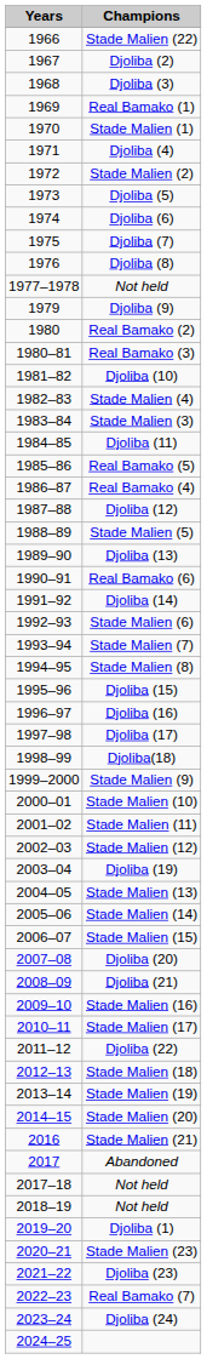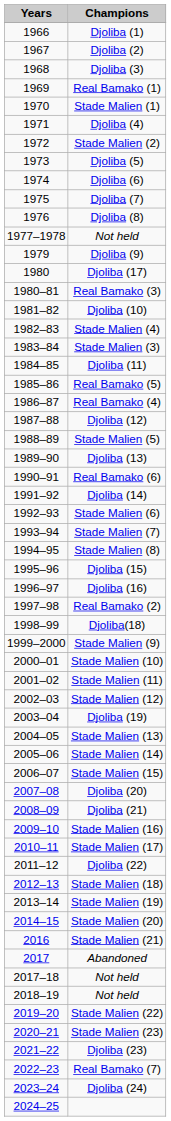 <table class="wikitable" style="text-align: center;">
 <tr bgcolor="#CCCCCC">
 <td><strong>Years</strong></td>
 <td><strong>Champions</strong></td>
 </tr>
 <tr bgcolor="#EFEFEF">
 </tr>
 <tr>
 <td>1966</td>
-<td><a href='#'>Stade Malien</a> (22)</td>
+<td><a href='#'>Djoliba</a> (1)</td>
 </tr>
 <tr>
 <td>1967</td>
 <td><a href='#'>Djoliba</a> (2)</td>
 </tr>
 <tr>
 <td>1968</td>
 <td><a href='#'>Djoliba</a> (3)</td>
 </tr>
 <tr>
 <td>1969</td>
 <td><a href='#'>Real Bamako</a> (1)</td>
 </tr>
 <tr>
 <td>1970</td>
 <td><a href='#'>Stade Malien</a> (1)</td>
 </tr>
 <tr>
 <td>1971</td>
 <td><a href='#'>Djoliba</a> (4)</td>
 </tr>
 <tr>
 <td>1972</td>
 <td><a href='#'>Stade Malien</a> (2)</td>
 </tr>
 <tr>
 <td>1973</td>
 <td><a href='#'>Djoliba</a> (5)</td>
 </tr>
 <tr>
 <td>1974</td>
 <td><a href='#'>Djoliba</a> (6)</td>
 </tr>
 <tr>
 <td>1975</td>
 <td><a href='#'>Djoliba</a> (7)</td>
 </tr>
 <tr>
 <td>1976</td>
 <td><a href='#'>Djoliba</a> (8)</td>
 </tr>
 <tr>
 <td>1977–1978</td>
 <td><em>Not held</em></td>
 </tr>
 <tr>
 <td>1979</td>
 <td><a href='#'>Djoliba</a> (9)</td>
 </tr>
 <tr>
 <td>1980</td>
-<td><a href='#'>Real Bamako</a> (2)</td>
+<td><a href='#'>Djoliba</a> (17)</td>
 </tr>
 <tr>
 <td>1980–81</td>
 <td><a href='#'>Real Bamako</a> (3)</td>
 </tr>
 <tr>
 <td>1981–82</td>
 <td><a href='#'>Djoliba</a> (10)</td>
 </tr>
 <tr>
 <td>1982–83</td>
 <td><a href='#'>Stade Malien</a> (4)</td>
 </tr>
 <tr>
 <td>1983–84</td>
 <td><a href='#'>Stade Malien</a> (3)</td>
 </tr>
 <tr>
 <td>1984–85</td>
 <td><a href='#'>Djoliba</a> (11)</td>
 </tr>
 <tr>
 <td>1985–86</td>
 <td><a href='#'>Real Bamako</a> (5)</td>
 </tr>
 <tr>
 <td>1986–87</td>
 <td><a href='#'>Real Bamako</a> (4)</td>
 </tr>
 <tr>
 <td>1987–88</td>
 <td><a href='#'>Djoliba</a> (12)</td>
 </tr>
 <tr>
 <td>1988–89</td>
 <td><a href='#'>Stade Malien</a> (5)</td>
 </tr>
 <tr>
 <td>1989–90</td>
 <td><a href='#'>Djoliba</a> (13)</td>
 </tr>
 <tr>
 <td>1990–91</td>
 <td><a href='#'>Real Bamako</a> (6)</td>
 </tr>
 <tr>
 <td>1991–92</td>
 <td><a href='#'>Djoliba</a> (14)</td>
 </tr>
 <tr>
 <td>1992–93</td>
 <td><a href='#'>Stade Malien</a> (6)</td>
 </tr>
 <tr>
 <td>1993–94</td>
 <td><a href='#'>Stade Malien</a> (7)</td>
 </tr>
 <tr>
 <td>1994–95</td>
 <td><a href='#'>Stade Malien</a> (8)</td>
 </tr>
 <tr>
 <td>1995–96</td>
 <td><a href='#'>Djoliba</a> (15)</td>
 </tr>
 <tr>
 <td>1996–97</td>
 <td><a href='#'>Djoliba</a> (16)</td>
 </tr>
 <tr>
 <td>1997–98</td>
-<td><a href='#'>Djoliba</a> (17)</td>
+<td><a href='#'>Real Bamako</a> (2)</td>
 </tr>
 <tr>
 <td>1998–99</td>
 <td><a href='#'>Djoliba</a>(18)</td>
 </tr>
 <tr>
 <td>1999–2000</td>
 <td><a href='#'>Stade Malien</a> (9)</td>
 </tr>
 <tr>
 <td>2000–01</td>
 <td><a href='#'>Stade Malien</a> (10)</td>
 </tr>
 <tr>
 <td>2001–02</td>
 <td><a href='#'>Stade Malien</a> (11)</td>
 </tr>
 <tr>
 <td>2002–03</td>
 <td><a href='#'>Stade Malien</a> (12)</td>
 </tr>
 <tr>
 <td>2003–04</td>
 <td><a href='#'>Djoliba</a> (19)</td>
 </tr>
 <tr>
 <td>2004–05</td>
 <td><a href='#'>Stade Malien</a> (13)</td>
 </tr>
 <tr>
 <td>2005–06</td>
 <td><a href='#'>Stade Malien</a> (14)</td>
 </tr>
 <tr>
 <td>2006–07</td>
 <td><a href='#'>Stade Malien</a> (15)</td>
 </tr>
 <tr>
 <td><a href='#'>2007–08</a></td>
 <td><a href='#'>Djoliba</a> (20)</td>
 </tr>
 <tr>
 <td><a href='#'>2008–09</a></td>
 <td><a href='#'>Djoliba</a> (21)</td>
 </tr>
 <tr>
 <td><a href='#'>2009–10</a></td>
 <td><a href='#'>Stade Malien</a> (16)</td>
 </tr>
 <tr>
 <td><a href='#'>2010–11</a></td>
 <td><a href='#'>Stade Malien</a> (17)</td>
 </tr>
 <tr>
 <td>2011–12</td>
 <td><a href='#'>Djoliba</a> (22)</td>
 </tr>
 <tr>
 <td><a href='#'>2012–13</a></td>
 <td><a href='#'>Stade Malien</a> (18)</td>
 </tr>
 <tr>
 <td>2013–14</td>
 <td><a href='#'>Stade Malien</a> (19)</td>
 </tr>
 <tr>
 <td><a href='#'>2014–15</a></td>
 <td><a href='#'>Stade Malien</a> (20)</td>
 </tr>
 <tr>
 <td><a href='#'>2016</a></td>
 <td><a href='#'>Stade Malien</a> (21)</td>
 </tr>
 <tr>
 <td><a href='#'>2017</a></td>
 <td><em>Abandoned</em></td>
 </tr>
 <tr>
 <td>2017–18</td>
 <td><em>Not held</em> </td>
 </tr>
 <tr>
 <td>2018–19</td>
 <td><em>Not held</em> </td>
 </tr>
 <tr>
 <td><a href='#'>2019–20</a></td>
-<td><a href='#'>Djoliba</a> (1)</td>
+<td><a href='#'>Stade Malien</a> (22)</td>
 </tr>
 <tr>
 <td><a href='#'>2020–21</a></td>
 <td><a href='#'>Stade Malien</a> (23)</td>
 </tr>
 <tr>
 <td><a href='#'>2021–22</a></td>
 <td><a href='#'>Djoliba</a> (23)</td>
 </tr>
 <tr>
 <td><a href='#'>2022–23</a></td>
 <td><a href='#'>Real Bamako</a> (7)</td>
 </tr>
 <tr>
 <td><a href='#'>2023–24</a></td>
 <td><a href='#'>Djoliba</a> (24)</td>
 </tr>
 <tr>
 <td><a href='#'>2024–25</a></td>
 <td></td>
 </tr>
 </table>
